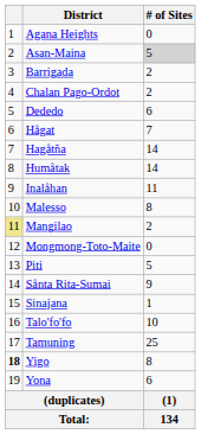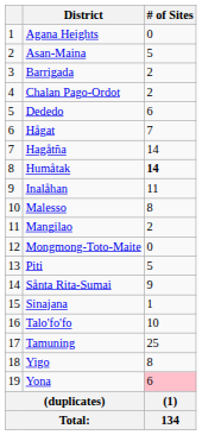 <table class="wikitable sortable">
 <tr>
 <th></th>
 <th><strong>District</strong></th>
 <th><strong># of Sites</strong></th>
 </tr>
 <tr ->
 <td>1</td>
 <td><a href='#'>Agana Heights</a></td>
 <td>0</td>
 </tr>
 <tr ->
 <td>2</td>
 <td><a href='#'>Asan-Maina</a></td>
-<td style="background: lightgrey;">5</td>
+<td>5</td>
 </tr>
 <tr ->
 <td>3</td>
 <td><a href='#'>Barrigada</a></td>
 <td>2</td>
 </tr>
 <tr ->
 <td>4</td>
 <td><a href='#'>Chalan Pago-Ordot</a></td>
 <td>2</td>
 </tr>
 <tr ->
 <td>5</td>
 <td><a href='#'>Dededo</a></td>
 <td>6</td>
 </tr>
 <tr ->
 <td>6</td>
 <td><a href='#'>Hågat</a></td>
 <td>7</td>
 </tr>
 <tr ->
 <td>7</td>
 <td><a href='#'>Hagåtña</a></td>
 <td>14</td>
 </tr>
 <tr ->
 <td>8</td>
 <td><a href='#'>Humåtak</a></td>
-<td>14</td>
+<td><strong>14</strong></td>
 </tr>
 <tr ->
 <td>9</td>
 <td><a href='#'>Inalåhan</a></td>
 <td>11</td>
 </tr>
 <tr ->
 <td>10</td>
 <td><a href='#'>Malesso</a></td>
 <td>8</td>
 </tr>
 <tr ->
-<td style="background: khaki;">11</td>
+<td>11</td>
 <td><a href='#'>Mangilao</a></td>
 <td>2</td>
 </tr>
 <tr ->
 <td>12</td>
 <td><a href='#'>Mongmong-Toto-Maite</a></td>
 <td>0</td>
 </tr>
 <tr ->
 <td>13</td>
 <td><a href='#'>Piti</a></td>
 <td>5</td>
 </tr>
 <tr ->
 <td>14</td>
 <td><a href='#'>Sånta Rita-Sumai</a></td>
 <td>9</td>
 </tr>
 <tr ->
 <td>15</td>
 <td><a href='#'>Sinajana</a></td>
 <td>1</td>
 </tr>
 <tr ->
 <td>16</td>
 <td><a href='#'>Talo'fo'fo</a></td>
 <td>10</td>
 </tr>
 <tr ->
 <td>17</td>
 <td><a href='#'>Tamuning</a></td>
 <td>25</td>
 </tr>
 <tr ->
-<td><strong>18</strong></td>
+<td>18</td>
 <td><a href='#'>Yigo</a></td>
 <td>8</td>
 </tr>
 <tr ->
 <td>19</td>
 <td><a href='#'>Yona</a></td>
-<td>6</td>
+<td style="background: pink;">6</td>
 </tr>
 <tr class="sortbottom">
 <th colspan="2">(duplicates)</th>
 <th>(1)</th>
 </tr>
 <tr class="sortbottom">
 <th colspan="2">Total:</th>
 <th>134</th>
 </tr>
 </table>
